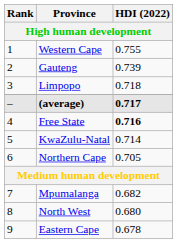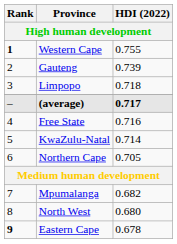 <table class="wikitable sortable">
 <tr>
 <th>Rank</th>
 <th>Province</th>
 <th>HDI (2022)</th>
 </tr>
 <tr>
 <th colspan="3" style="color:#0c0;">High human development</th>
 </tr>
 <tr>
-<td>1</td>
+<td><strong>1</strong></td>
 <td><a href='#'>Western Cape</a></td>
 <td>0.755</td>
 </tr>
 <tr>
 <td>2</td>
 <td><a href='#'>Gauteng</a></td>
 <td>0.739</td>
 </tr>
 <tr>
 <td>3</td>
 <td><a href='#'>Limpopo </a></td>
 <td>0.718</td>
 </tr>
 <tr>
 </tr>
 <tr style="background:#e6e6e6">
 <td>–</td>
 <td><strong> (average)</strong></td>
 <td><strong> 0.717</strong></td>
 </tr>
 <tr>
 <td>4</td>
 <td><a href='#'>Free State</a></td>
-<td><strong>0.716</strong></td>
+<td>0.716</td>
 </tr>
 <tr>
 <td>5</td>
 <td><a href='#'>KwaZulu-Natal</a></td>
 <td>0.714</td>
 </tr>
 <tr>
 <td>6</td>
 <td><a href='#'>Northern Cape</a></td>
 <td>0.705</td>
 </tr>
 <tr>
 <th colspan="3" style="color:#fc0;">Medium human development</th>
 </tr>
 <tr>
 <td>7</td>
 <td><a href='#'>Mpumalanga</a></td>
 <td>0.682</td>
 </tr>
 <tr>
 <td>8</td>
 <td><a href='#'>North West</a></td>
 <td>0.680</td>
 </tr>
 <tr>
-<td>9</td>
+<td><strong>9</strong></td>
 <td><a href='#'>Eastern Cape</a></td>
 <td>0.678</td>
 </tr>
 </table>
